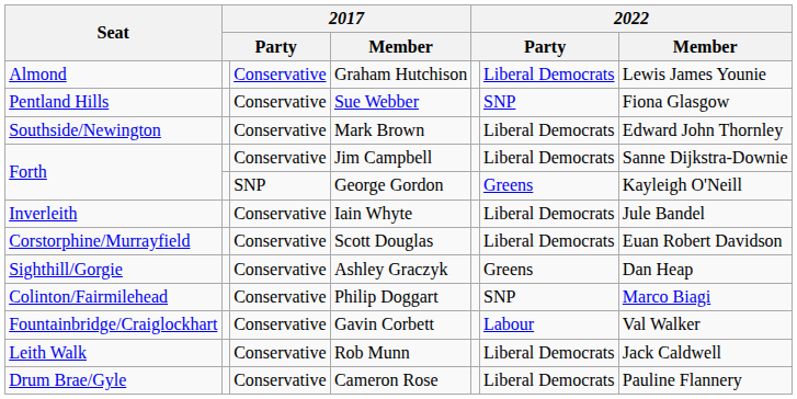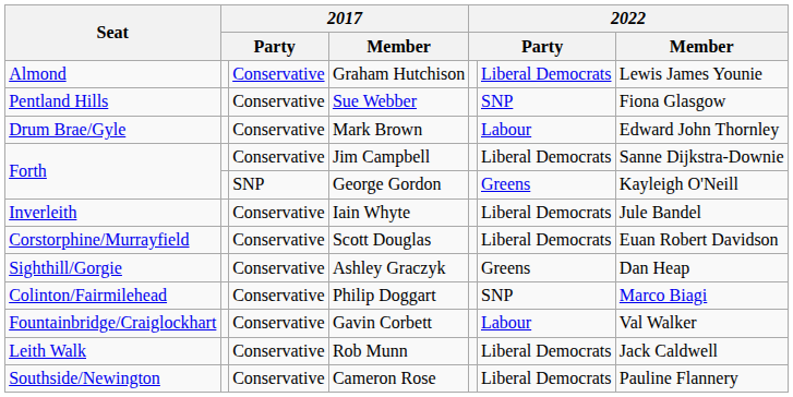 <table class="wikitable">
 <tr>
 <th scope="col" rowspan="2" style="text-align:center">Seat</th>
 <th scope="col" colspan="3" style="text-align:center"><em>2017</em></th>
 <th scope="col" colspan="3" style="text-align:center"><em>2022</em></th>
 </tr>
 <tr>
 <th colspan="2" style="text-align:center">Party</th>
 <th style="text-align:center">Member</th>
 <th colspan="2" style="text-align:center">Party</th>
 <th style="text-align:center">Member</th>
 </tr>
 <tr>
 <td scope="row"><a href='#'>Almond</a></td>
 <td></td>
 <td><a href='#'>Conservative</a></td>
 <td>Graham Hutchison</td>
 <td></td>
 <td><a href='#'>Liberal Democrats</a></td>
 <td>Lewis James Younie</td>
 </tr>
 <tr>
 <td scope="row"><a href='#'>Pentland Hills</a></td>
 <td></td>
 <td>Conservative</td>
 <td><a href='#'>Sue Webber</a></td>
 <td></td>
 <td><a href='#'>SNP</a></td>
 <td>Fiona Glasgow</td>
 </tr>
 <tr>
-<td scope="row"><a href='#'>Southside/Newington</a></td>
+<td scope="row"><a href='#'>Drum Brae/Gyle</a></td>
 <td></td>
 <td>Conservative</td>
 <td>Mark Brown</td>
 <td></td>
-<td>Liberal Democrats</td>
+<td><a href='#'>Labour</a></td>
 <td>Edward John Thornley</td>
 </tr>
 <tr>
 <td rowspan="2" scope="row"><a href='#'>Forth</a></td>
 <td></td>
 <td>Conservative</td>
 <td>Jim Campbell</td>
 <td></td>
 <td>Liberal Democrats</td>
 <td>Sanne Dijkstra-Downie</td>
 </tr>
 <tr>
 <td></td>
 <td>SNP</td>
 <td>George Gordon</td>
 <td></td>
 <td><a href='#'>Greens</a></td>
 <td>Kayleigh O'Neill</td>
 </tr>
 <tr>
 <td scope="row"><a href='#'>Inverleith</a></td>
 <td></td>
 <td>Conservative</td>
 <td>Iain Whyte</td>
 <td></td>
 <td>Liberal Democrats</td>
 <td>Jule Bandel</td>
 </tr>
 <tr>
 <td scope="row"><a href='#'>Corstorphine/Murrayfield</a></td>
 <td></td>
 <td>Conservative</td>
 <td>Scott Douglas</td>
 <td></td>
 <td>Liberal Democrats</td>
 <td>Euan Robert Davidson</td>
 </tr>
 <tr>
 <td scope="row"><a href='#'>Sighthill/Gorgie</a></td>
 <td></td>
 <td>Conservative</td>
 <td>Ashley Graczyk</td>
 <td></td>
 <td>Greens</td>
 <td>Dan Heap</td>
 </tr>
 <tr>
 <td scope="row"><a href='#'>Colinton/Fairmilehead</a></td>
 <td></td>
 <td>Conservative</td>
 <td>Philip Doggart</td>
 <td></td>
 <td>SNP</td>
 <td><a href='#'>Marco Biagi</a></td>
 </tr>
 <tr>
 <td scope="row"><a href='#'>Fountainbridge/Craiglockhart</a></td>
 <td></td>
 <td>Conservative</td>
 <td>Gavin Corbett</td>
 <td></td>
 <td><a href='#'>Labour</a></td>
 <td>Val Walker</td>
 </tr>
 <tr>
 <td scope="row"><a href='#'>Leith Walk</a></td>
 <td></td>
 <td>Conservative</td>
 <td>Rob Munn</td>
 <td></td>
 <td>Liberal Democrats</td>
 <td>Jack Caldwell</td>
 </tr>
 <tr>
-<td scope="row"><a href='#'>Drum Brae/Gyle</a></td>
+<td scope="row"><a href='#'>Southside/Newington</a></td>
 <td></td>
 <td>Conservative</td>
 <td>Cameron Rose</td>
 <td></td>
 <td>Liberal Democrats</td>
 <td>Pauline Flannery</td>
 </tr>
 </table>
